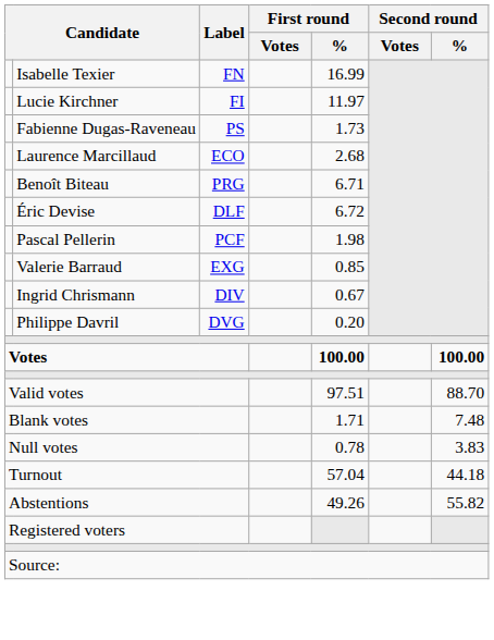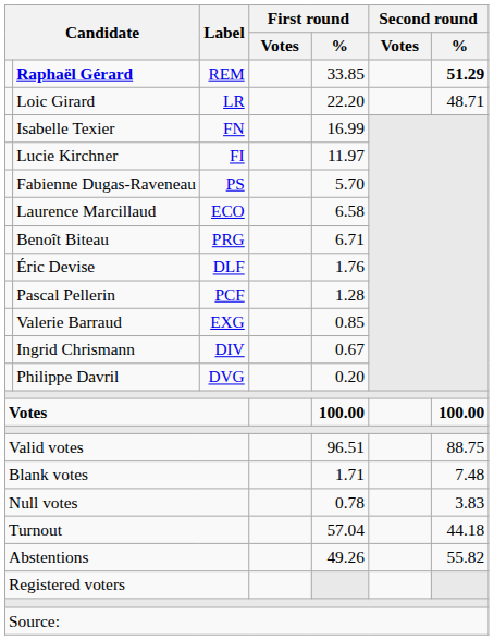 <table class="wikitable" style="text-align:right;font-size:95%;">
 <tr>
 <th colspan="2" rowspan="2">Candidate</th>
 <th rowspan="2">Label</th>
 <th colspan="2">First round</th>
 <th colspan="2">Second round</th>
 </tr>
 <tr>
 <th style="width:50px;">Votes</th>
 <th style="width:45px;">%</th>
 <th style="width:50px;">Votes</th>
 <th style="width:45px;">%</th>
+</tr>
+<tr>
+<td style="color:inherit;background:"></td>
+<td style="text-align:left;"><strong><a href='#'>Raphaël Gérard</a></strong></td>
+<td><a href='#'>REM</a></td>
+<td></td>
+<td>33.85</td>
+<td><strong></strong></td>
+<td><strong>51.29</strong></td>
+</tr>
+<tr>
+<td style="color:inherit;background:"></td>
+<td style="text-align:left;">Loic Girard</td>
+<td><a href='#'>LR</a></td>
+<td></td>
+<td>22.20</td>
+<td></td>
+<td>48.71</td>
 </tr>
 <tr>
 <td style="color:inherit;background:"></td>
 <td style="text-align:left;">Isabelle Texier</td>
 <td><a href='#'>FN</a></td>
 <td></td>
 <td>16.99</td>
 <td colspan="2" rowspan="10" style="background:#E9E9E9;"></td>
 </tr>
 <tr>
 <td style="color:inherit;background:"></td>
 <td style="text-align:left;">Lucie Kirchner</td>
 <td><a href='#'>FI</a></td>
 <td></td>
 <td>11.97</td>
 </tr>
 <tr>
 <td style="color:inherit;background:"></td>
 <td style="text-align:left;">Fabienne Dugas-Raveneau</td>
 <td><a href='#'>PS</a></td>
 <td></td>
-<td>1.73</td>
+<td>5.70</td>
 </tr>
 <tr>
 <td style="color:inherit;background:"></td>
 <td style="text-align:left;">Laurence Marcillaud</td>
 <td><a href='#'>ECO</a></td>
 <td></td>
-<td>2.68</td>
+<td>6.58</td>
 </tr>
 <tr>
 <td style="color:inherit;background:"></td>
 <td style="text-align:left;">Benoît Biteau</td>
 <td><a href='#'>PRG</a></td>
 <td></td>
 <td>6.71</td>
 </tr>
 <tr>
 <td style="color:inherit;background:"></td>
 <td style="text-align:left;">Éric Devise</td>
 <td><a href='#'>DLF</a></td>
 <td></td>
-<td>6.72</td>
+<td>1.76</td>
 </tr>
 <tr>
 <td style="color:inherit;background:"></td>
 <td style="text-align:left;">Pascal Pellerin</td>
 <td><a href='#'>PCF</a></td>
 <td></td>
-<td>1.98</td>
+<td>1.28</td>
 </tr>
 <tr>
 <td style="color:inherit;background:"></td>
 <td style="text-align:left;">Valerie Barraud</td>
 <td><a href='#'>EXG</a></td>
 <td></td>
 <td>0.85</td>
 </tr>
 <tr>
 <td style="color:inherit;background:"></td>
 <td style="text-align:left;">Ingrid Chrismann</td>
 <td><a href='#'>DIV</a></td>
 <td></td>
 <td>0.67</td>
 </tr>
 <tr>
 <td style="color:inherit;background:"></td>
 <td style="text-align:left;">Philippe Davril</td>
 <td><a href='#'>DVG</a></td>
 <td></td>
 <td>0.20</td>
 </tr>
 <tr>
 <td colspan="7" style="background:#E9E9E9;"></td>
 </tr>
 <tr style="font-weight:bold;">
 <td colspan="3" style="text-align:left;">Votes</td>
 <td></td>
 <td>100.00</td>
 <td></td>
 <td>100.00</td>
 </tr>
 <tr>
 <td colspan="7" style="background:#E9E9E9;"></td>
 </tr>
 <tr>
 <td colspan="3" style="text-align:left;">Valid votes</td>
 <td></td>
-<td>97.51</td>
+<td>96.51</td>
 <td></td>
-<td>88.70</td>
+<td>88.75</td>
 </tr>
 <tr>
 <td colspan="3" style="text-align:left;">Blank votes</td>
 <td></td>
 <td>1.71</td>
 <td></td>
 <td>7.48</td>
 </tr>
 <tr>
 <td colspan="3" style="text-align:left;">Null votes</td>
 <td></td>
 <td>0.78</td>
 <td></td>
 <td>3.83</td>
 </tr>
 <tr>
 <td colspan="3" style="text-align:left;">Turnout</td>
 <td></td>
 <td>57.04</td>
 <td></td>
 <td>44.18</td>
 </tr>
 <tr>
 <td colspan="3" style="text-align:left;">Abstentions</td>
 <td></td>
 <td>49.26</td>
 <td></td>
 <td>55.82</td>
 </tr>
 <tr>
 <td colspan="3" style="text-align:left;">Registered voters</td>
 <td></td>
 <td style="color:inherit;background:#E9E9E9;"></td>
 <td></td>
 <td style="color:inherit;background:#E9E9E9;"></td>
 </tr>
 <tr>
 <td colspan="7" style="background:#E9E9E9;"></td>
 </tr>
 <tr>
 <td colspan="7" style="text-align:left;">Source: </td>
 </tr>
 </table>
